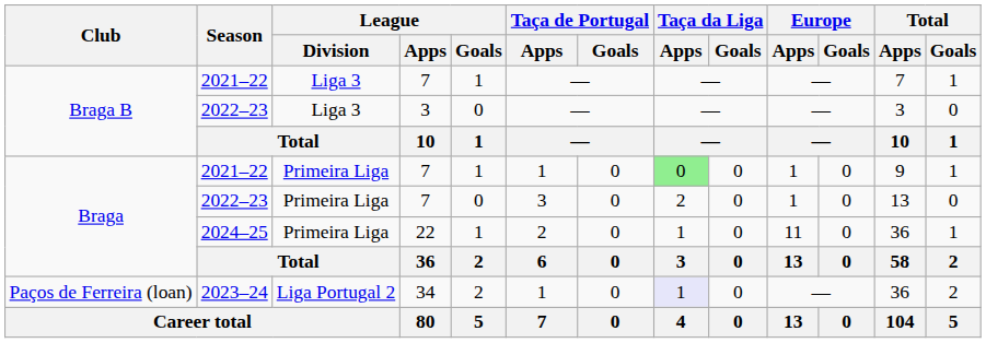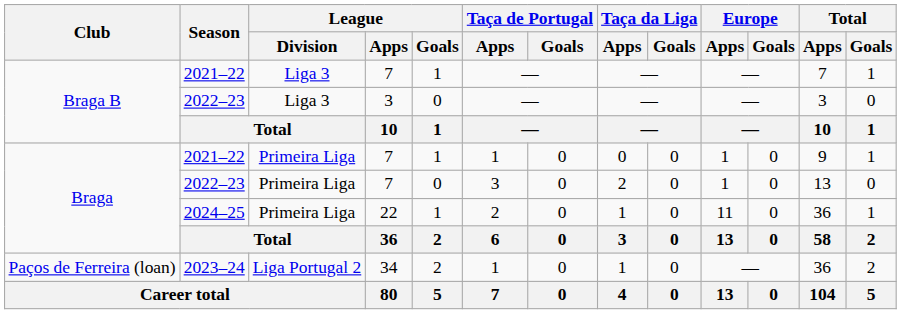 <table class="wikitable" style="text-align: center;">
 <tr>
 <th rowspan="2">Club</th>
 <th rowspan="2">Season</th>
 <th colspan="3">League</th>
 <th colspan="2"><a href='#'>Taça de Portugal</a></th>
 <th colspan="2"><a href='#'>Taça da Liga</a></th>
 <th colspan="2"><a href='#'>Europe</a></th>
 <th colspan="2">Total</th>
 </tr>
 <tr>
 <th>Division</th>
 <th>Apps</th>
 <th>Goals</th>
 <th>Apps</th>
 <th>Goals</th>
 <th>Apps</th>
 <th>Goals</th>
 <th>Apps</th>
 <th>Goals</th>
 <th>Apps</th>
 <th>Goals</th>
 </tr>
 <tr>
 <td rowspan="3"><a href='#'>Braga B</a></td>
 <td><a href='#'>2021–22</a></td>
 <td><a href='#'>Liga 3</a></td>
 <td>7</td>
 <td>1</td>
 <td colspan="2">—</td>
 <td colspan="2">—</td>
 <td colspan="2">—</td>
 <td>7</td>
 <td>1</td>
 </tr>
 <tr>
 <td><a href='#'>2022–23</a></td>
 <td>Liga 3</td>
 <td>3</td>
 <td>0</td>
 <td colspan="2">—</td>
 <td colspan="2">—</td>
 <td colspan="2">—</td>
 <td>3</td>
 <td>0</td>
 </tr>
 <tr>
 <th colspan="2">Total</th>
 <th>10</th>
 <th>1</th>
 <th colspan="2">—</th>
 <th colspan="2">—</th>
 <th colspan="2">—</th>
 <th>10</th>
 <th>1</th>
 </tr>
 <tr>
 <td rowspan="4"><a href='#'>Braga</a></td>
 <td><a href='#'>2021–22</a></td>
 <td><a href='#'>Primeira Liga</a></td>
 <td>7</td>
 <td>1</td>
 <td>1</td>
 <td>0</td>
-<td style="background: lightgreen;">0</td>
+<td>0</td>
 <td>0</td>
 <td>1</td>
 <td>0</td>
 <td>9</td>
 <td>1</td>
 </tr>
 <tr>
 <td><a href='#'>2022–23</a></td>
 <td>Primeira Liga</td>
 <td>7</td>
 <td>0</td>
 <td>3</td>
 <td>0</td>
 <td>2</td>
 <td>0</td>
 <td>1</td>
 <td>0</td>
 <td>13</td>
 <td>0</td>
 </tr>
 <tr>
 <td><a href='#'>2024–25</a></td>
 <td>Primeira Liga</td>
 <td>22</td>
 <td>1</td>
 <td>2</td>
 <td>0</td>
 <td>1</td>
 <td>0</td>
 <td>11</td>
 <td>0</td>
 <td>36</td>
 <td>1</td>
 </tr>
 <tr>
 <th colspan="2">Total</th>
 <th>36</th>
 <th>2</th>
 <th>6</th>
 <th>0</th>
 <th>3</th>
 <th>0</th>
 <th>13</th>
 <th>0</th>
 <th>58</th>
 <th>2</th>
 </tr>
 <tr>
 <td><a href='#'>Paços de Ferreira</a> (loan)</td>
 <td><a href='#'>2023–24</a></td>
 <td><a href='#'>Liga Portugal 2</a></td>
 <td>34</td>
 <td>2</td>
 <td>1</td>
 <td>0</td>
-<td style="background: lavender;">1</td>
+<td>1</td>
 <td>0</td>
 <td colspan="2">—</td>
 <td>36</td>
 <td>2</td>
 </tr>
 <tr>
 <th colspan="3">Career total</th>
 <th>80</th>
 <th>5</th>
 <th>7</th>
 <th>0</th>
 <th>4</th>
 <th>0</th>
 <th>13</th>
 <th>0</th>
 <th>104</th>
 <th>5</th>
 </tr>
 </table>
